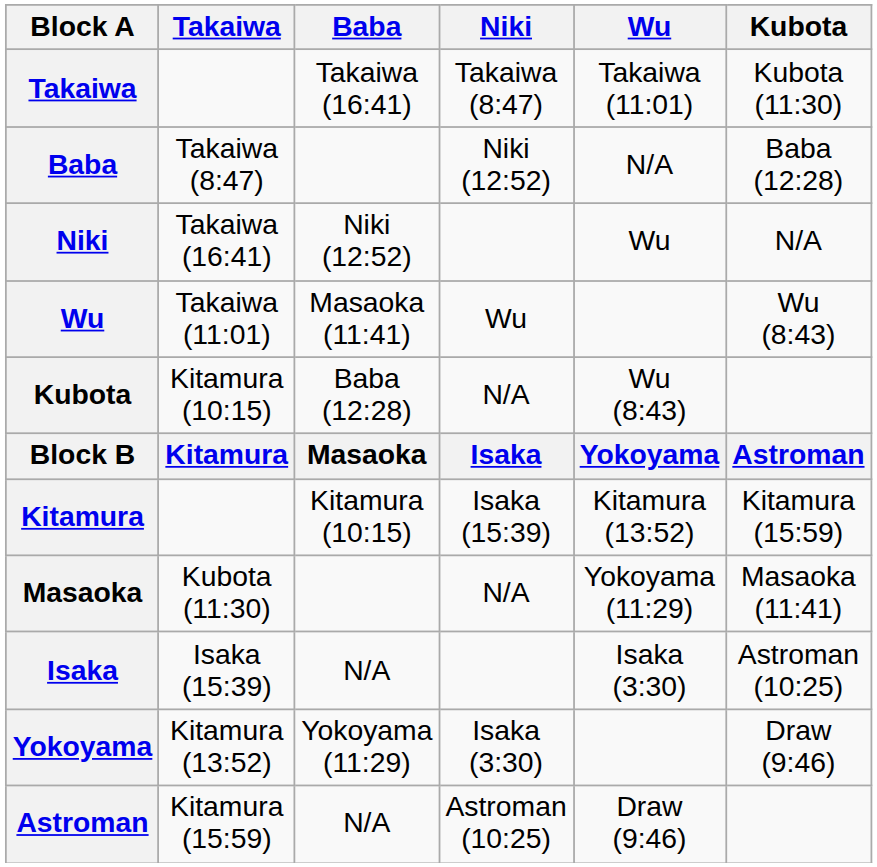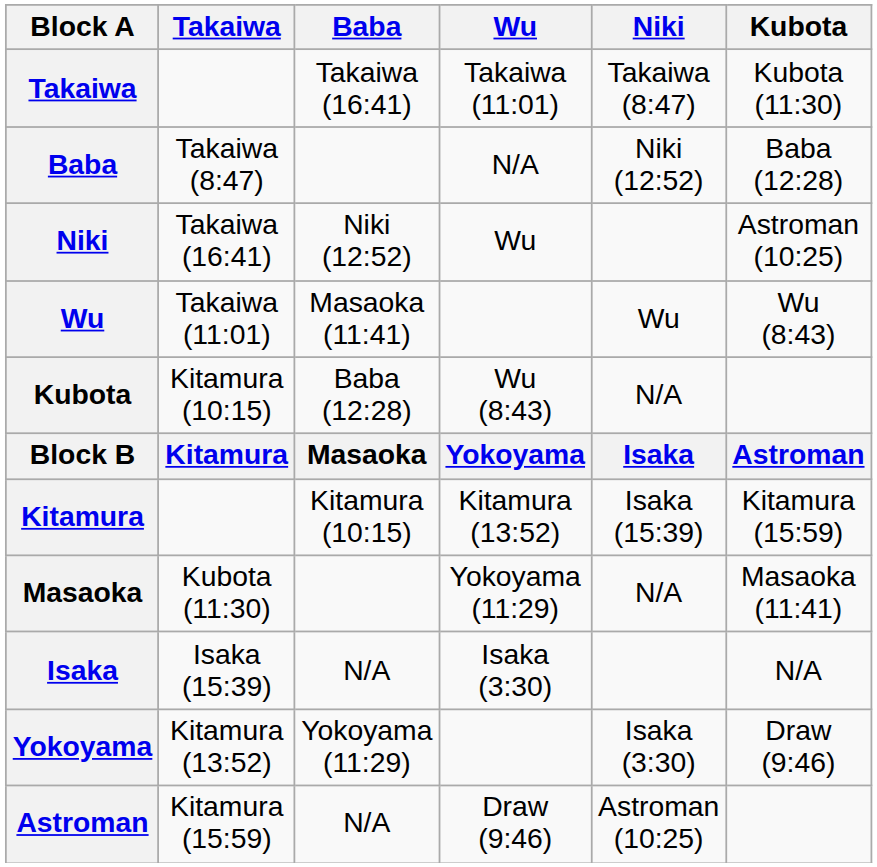 <table class="wikitable" style="margin: 1em auto 1em auto;text-align:center">
 <tr>
 <th>Block A</th>
 <th><a href='#'>Takaiwa</a></th>
 <th><a href='#'>Baba</a></th>
+<th><a href='#'>Wu</a></th>
 <th><a href='#'>Niki</a></th>
-<th><a href='#'>Wu</a></th>
 <th>Kubota</th>
 </tr>
 <tr>
 <th><a href='#'>Takaiwa</a></th>
 <td></td>
 <td>Takaiwa<br>(16:41)</td>
+<td>Takaiwa<br>(11:01)</td>
 <td>Takaiwa<br>(8:47)</td>
-<td>Takaiwa<br>(11:01)</td>
 <td>Kubota<br>(11:30)</td>
 </tr>
 <tr>
 <th><a href='#'>Baba</a></th>
 <td>Takaiwa<br>(8:47)</td>
 <td></td>
+<td>N/A</td>
 <td>Niki<br>(12:52)</td>
-<td>N/A</td>
 <td>Baba<br>(12:28)</td>
 </tr>
 <tr>
 <th><a href='#'>Niki</a></th>
 <td>Takaiwa<br>(16:41)</td>
 <td>Niki<br>(12:52)</td>
+<td>Wu</td>
 <td></td>
-<td>Wu</td>
-<td>N/A</td>
+<td>Astroman<br>(10:25)</td>
 </tr>
 <tr>
 <th><a href='#'>Wu</a></th>
 <td>Takaiwa<br>(11:01)</td>
 <td>Masaoka<br>(11:41)</td>
+<td></td>
 <td>Wu</td>
-<td></td>
 <td>Wu<br>(8:43)</td>
 </tr>
 <tr>
 <th>Kubota</th>
 <td>Kitamura<br>(10:15)</td>
 <td>Baba<br>(12:28)</td>
+<td>Wu<br>(8:43)</td>
 <td>N/A</td>
-<td>Wu<br>(8:43)</td>
 <td></td>
 </tr>
 <tr>
 <th>Block B</th>
 <th><a href='#'>Kitamura</a></th>
 <th>Masaoka</th>
+<th><a href='#'>Yokoyama</a></th>
 <th><a href='#'>Isaka</a></th>
-<th><a href='#'>Yokoyama</a></th>
 <th><a href='#'>Astroman</a></th>
 </tr>
 <tr>
 <th><a href='#'>Kitamura</a></th>
 <td></td>
 <td>Kitamura<br>(10:15)</td>
+<td>Kitamura<br>(13:52)</td>
 <td>Isaka<br>(15:39)</td>
-<td>Kitamura<br>(13:52)</td>
 <td>Kitamura<br>(15:59)</td>
 </tr>
 <tr>
 <th>Masaoka</th>
 <td>Kubota<br>(11:30)</td>
 <td></td>
+<td>Yokoyama<br>(11:29)</td>
 <td>N/A</td>
-<td>Yokoyama<br>(11:29)</td>
 <td>Masaoka<br>(11:41)</td>
 </tr>
 <tr>
 <th><a href='#'>Isaka</a></th>
 <td>Isaka<br>(15:39)</td>
 <td>N/A</td>
+<td>Isaka<br>(3:30)</td>
 <td></td>
-<td>Isaka<br>(3:30)</td>
-<td>Astroman<br>(10:25)</td>
+<td>N/A</td>
 </tr>
 <tr>
 <th><a href='#'>Yokoyama</a></th>
 <td>Kitamura<br>(13:52)</td>
 <td>Yokoyama<br>(11:29)</td>
+<td></td>
 <td>Isaka<br>(3:30)</td>
-<td></td>
 <td>Draw<br>(9:46)</td>
 </tr>
 <tr>
 <th><a href='#'>Astroman</a></th>
 <td>Kitamura<br>(15:59)</td>
 <td>N/A</td>
+<td>Draw<br>(9:46)</td>
 <td>Astroman<br>(10:25)</td>
-<td>Draw<br>(9:46)</td>
 <td></td>
 </tr>
 </table>
